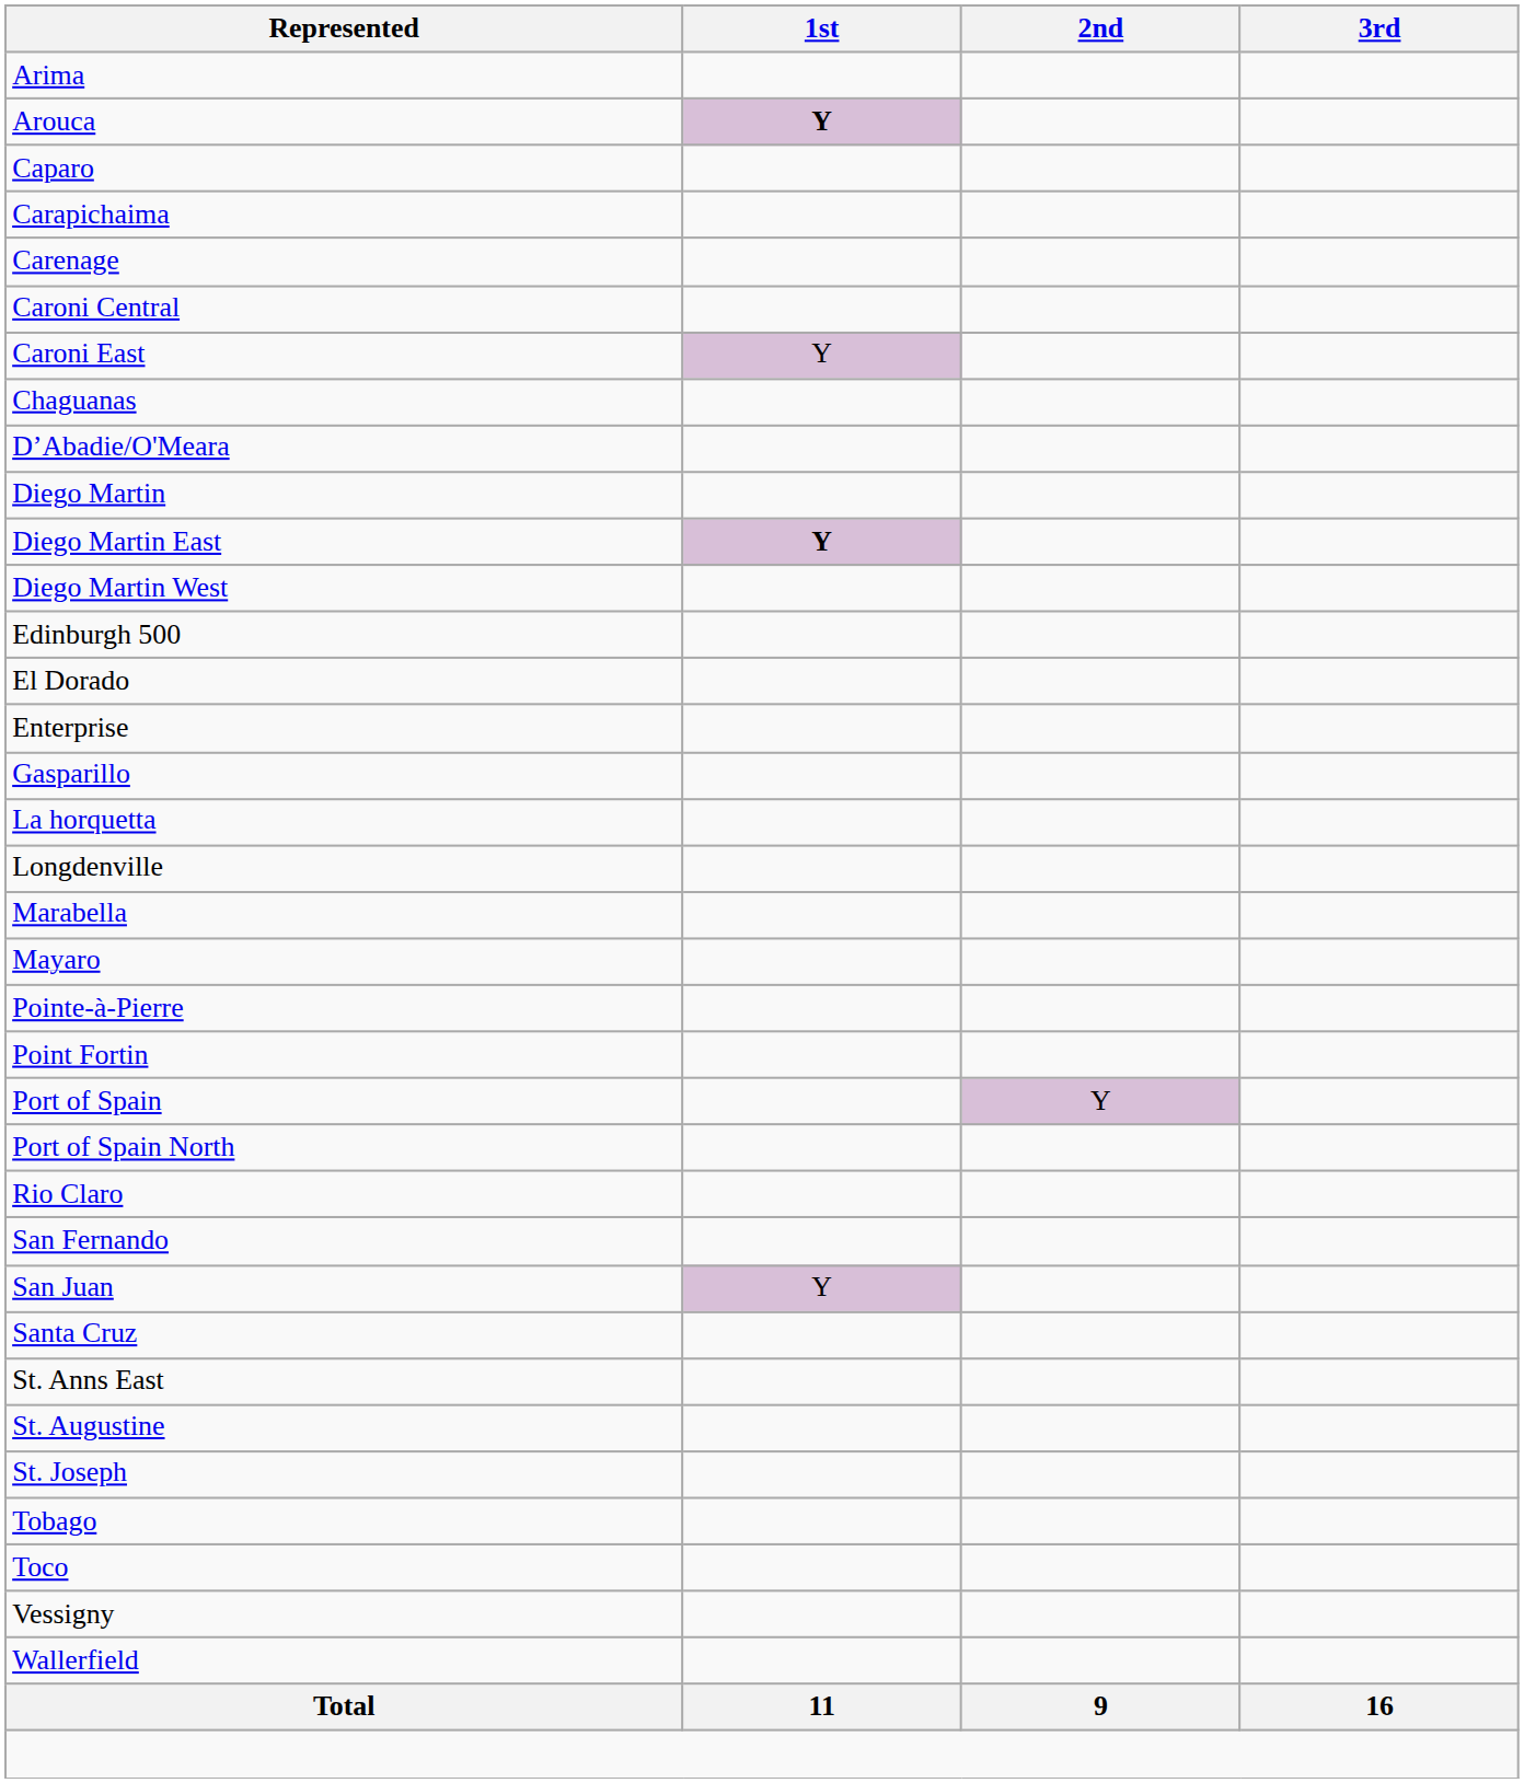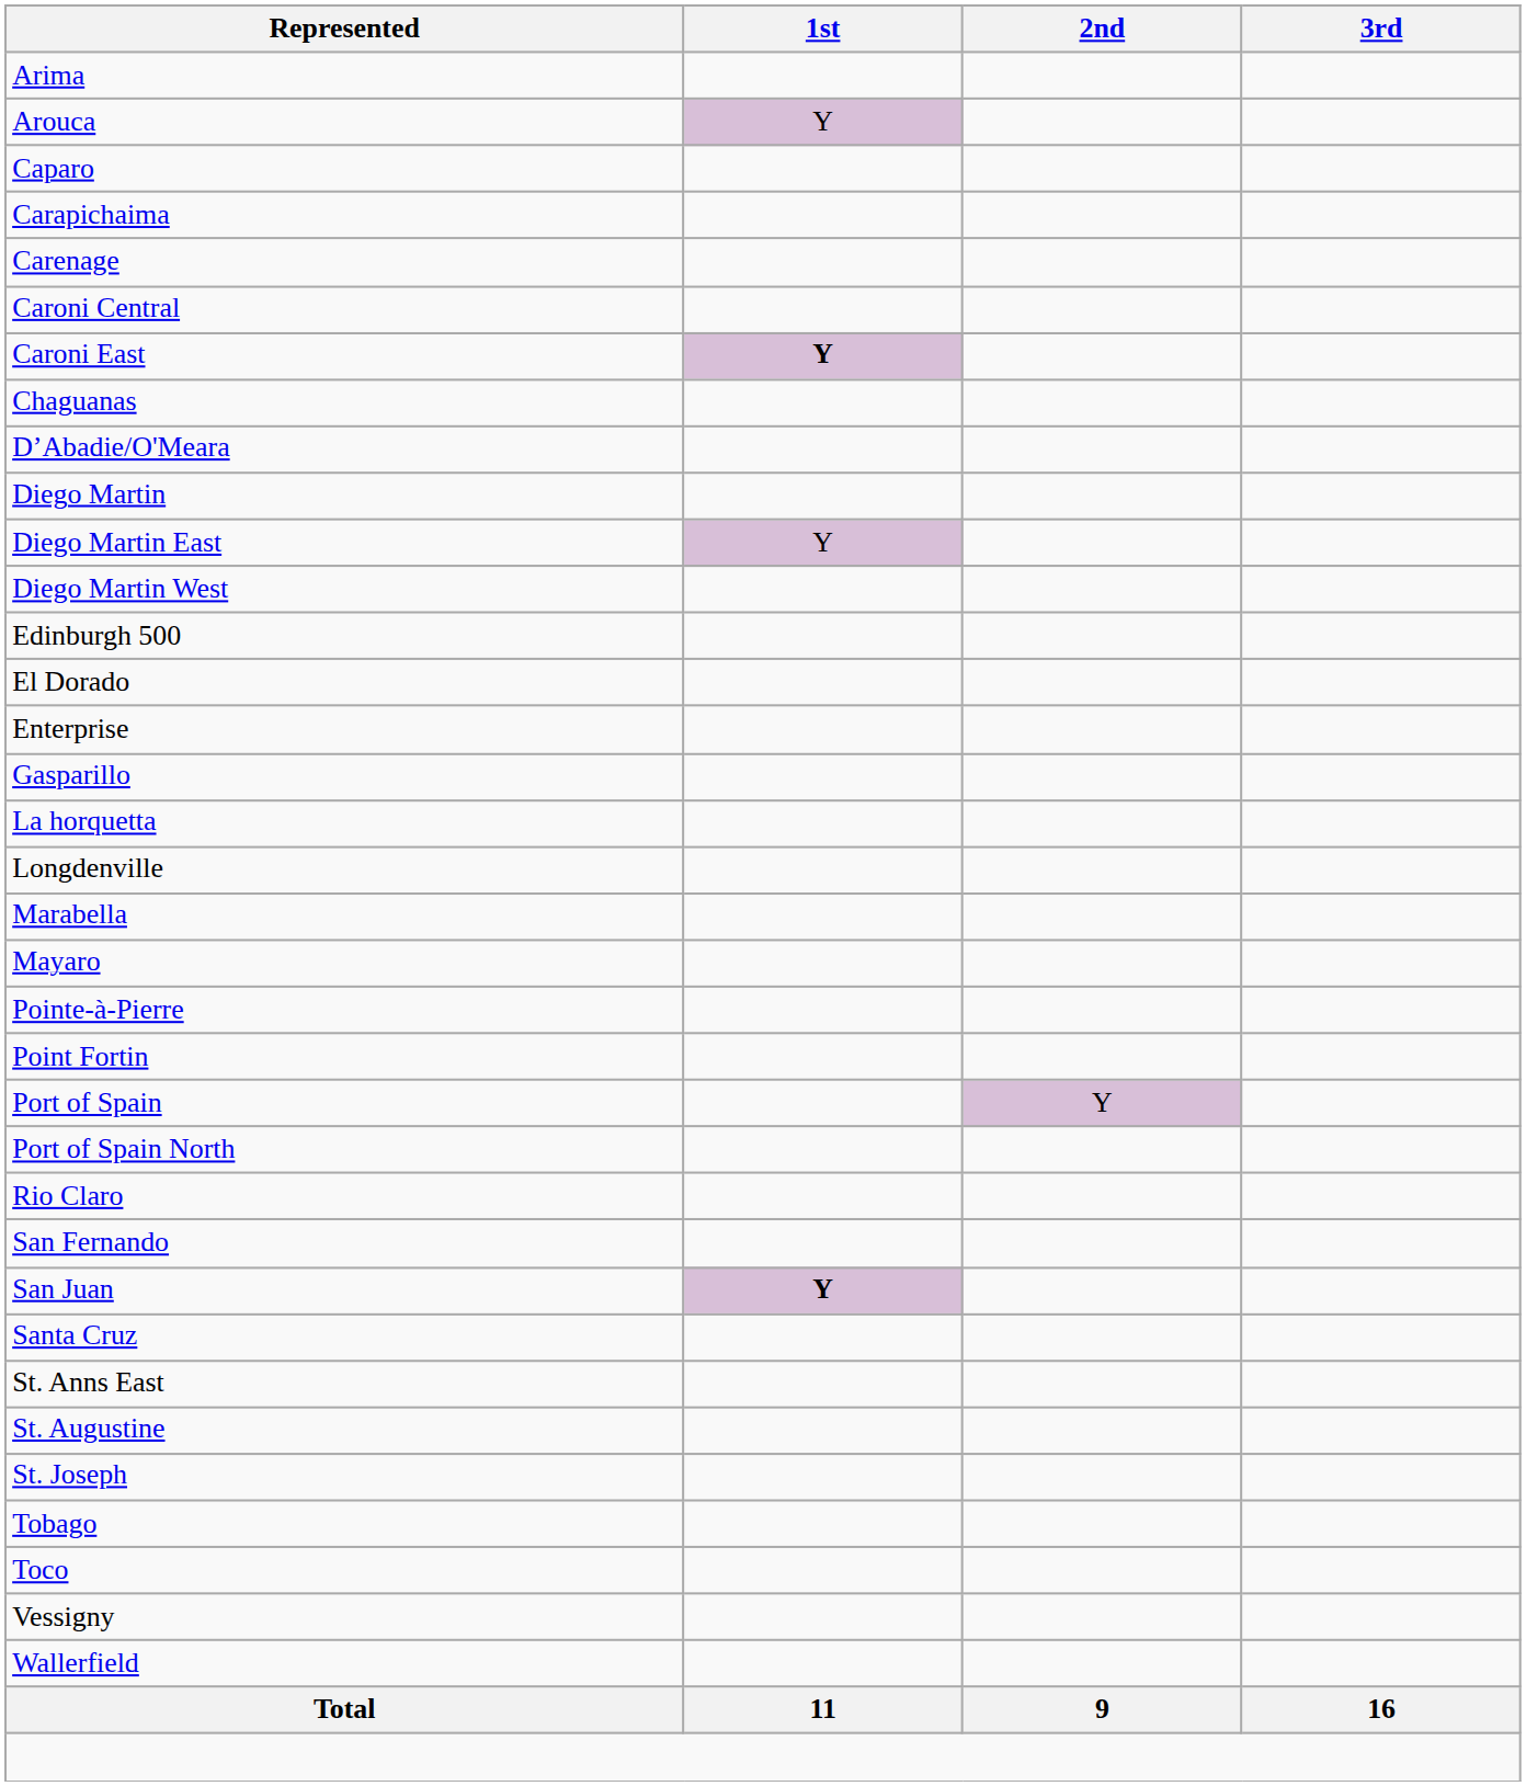 <table class="wikitable sortable" style="font-size: 80%;">
 <tr>
 <th width=300>Represented</th>
 <th width=120><a href='#'>1st</a></th>
 <th width=120><a href='#'>2nd</a></th>
 <th width=120><a href='#'>3rd</a></th>
 </tr>
 <tr>
 <td><a href='#'>Arima</a></td>
 <td></td>
 <td></td>
 <td></td>
 </tr>
 <tr>
 <td><a href='#'>Arouca</a></td>
-<td bgcolor=#D8BFD8 align=center><strong>Y</strong></td>
+<td bgcolor=#D8BFD8 align=center>Y</td>
 <td></td>
 <td></td>
 </tr>
 <tr>
 <td><a href='#'>Caparo</a></td>
 <td></td>
 <td></td>
 <td></td>
 </tr>
 <tr>
 <td><a href='#'>Carapichaima</a></td>
 <td></td>
 <td></td>
 <td></td>
 </tr>
 <tr>
 <td><a href='#'>Carenage</a></td>
 <td></td>
 <td></td>
 <td></td>
 </tr>
 <tr>
 <td><a href='#'>Caroni Central</a></td>
 <td></td>
 <td></td>
 <td></td>
 </tr>
 <tr>
 <td><a href='#'>Caroni East</a></td>
-<td bgcolor=#D8BFD8 align=center>Y</td>
+<td bgcolor=#D8BFD8 align=center><strong>Y</strong></td>
 <td></td>
 <td></td>
 </tr>
 <tr>
 <td><a href='#'>Chaguanas</a></td>
 <td></td>
 <td></td>
 <td></td>
 </tr>
 <tr>
 <td><a href='#'>D’Abadie/O'Meara</a></td>
 <td></td>
 <td></td>
 <td></td>
 </tr>
 <tr>
 <td><a href='#'>Diego Martin</a></td>
 <td></td>
 <td></td>
 <td></td>
 </tr>
 <tr>
 <td><a href='#'>Diego Martin East</a></td>
-<td bgcolor=#D8BFD8 align=center><strong>Y</strong></td>
+<td bgcolor=#D8BFD8 align=center>Y</td>
 <td></td>
 <td></td>
 </tr>
 <tr>
 <td><a href='#'>Diego Martin West</a></td>
 <td></td>
 <td></td>
 <td></td>
 </tr>
 <tr>
 <td>Edinburgh 500</td>
 <td></td>
 <td></td>
 <td></td>
 </tr>
 <tr>
 <td>El Dorado</td>
 <td></td>
 <td></td>
 <td></td>
 </tr>
 <tr>
 <td>Enterprise</td>
 <td></td>
 <td></td>
 <td></td>
 </tr>
 <tr>
 <td><a href='#'>Gasparillo</a></td>
 <td></td>
 <td></td>
 <td></td>
 </tr>
 <tr>
 <td><a href='#'>La horquetta</a></td>
 <td></td>
 <td></td>
 <td></td>
 </tr>
 <tr>
 <td>Longdenville</td>
 <td></td>
 <td></td>
 <td></td>
 </tr>
 <tr>
 <td><a href='#'>Marabella</a></td>
 <td></td>
 <td></td>
 <td></td>
 </tr>
 <tr>
 <td><a href='#'>Mayaro</a></td>
 <td></td>
 <td></td>
 <td></td>
 </tr>
 <tr>
 <td><a href='#'>Pointe-à-Pierre</a></td>
 <td></td>
 <td></td>
 <td></td>
 </tr>
 <tr>
 <td><a href='#'>Point Fortin</a></td>
 <td></td>
 <td></td>
 <td></td>
 </tr>
 <tr>
 <td><a href='#'>Port of Spain</a></td>
 <td></td>
 <td bgcolor=#D8BFD8 align=center>Y</td>
 <td></td>
 </tr>
 <tr>
 <td><a href='#'>Port of Spain North</a></td>
 <td></td>
 <td></td>
 <td></td>
 </tr>
 <tr>
 <td><a href='#'>Rio Claro</a></td>
 <td></td>
 <td></td>
 <td></td>
 </tr>
 <tr>
 <td><a href='#'>San Fernando</a></td>
 <td></td>
 <td></td>
 <td></td>
 </tr>
 <tr>
 <td><a href='#'>San Juan</a></td>
-<td bgcolor=#D8BFD8 align=center>Y</td>
+<td bgcolor=#D8BFD8 align=center><strong>Y</strong></td>
 <td></td>
 <td></td>
 </tr>
 <tr>
 <td><a href='#'>Santa Cruz</a></td>
 <td></td>
 <td></td>
 <td></td>
 </tr>
 <tr>
 <td>St. Anns East</td>
 <td></td>
 <td></td>
 <td></td>
 </tr>
 <tr>
 <td><a href='#'>St. Augustine</a></td>
 <td></td>
 <td></td>
 <td></td>
 </tr>
 <tr>
 <td><a href='#'>St. Joseph</a></td>
 <td></td>
 <td></td>
 <td></td>
 </tr>
 <tr>
 <td><a href='#'>Tobago</a></td>
 <td></td>
 <td></td>
 <td></td>
 </tr>
 <tr>
 <td><a href='#'>Toco</a></td>
 <td></td>
 <td></td>
 <td></td>
 </tr>
 <tr>
 <td>Vessigny</td>
 <td></td>
 <td></td>
 <td></td>
 </tr>
 <tr>
 <td><a href='#'>Wallerfield</a></td>
 <td></td>
 <td></td>
 <td></td>
 </tr>
 <tr>
 <th>Total</th>
 <th>11</th>
 <th>9</th>
 <th>16</th>
 </tr>
 <tr>
 <td colspan="9" align=left><br></td>
 </tr>
 </table>
